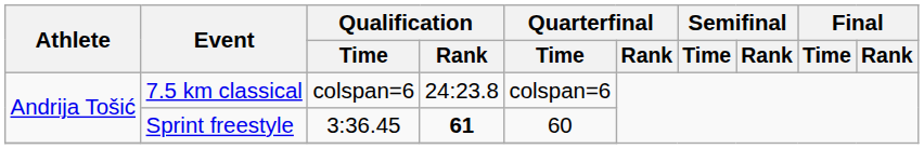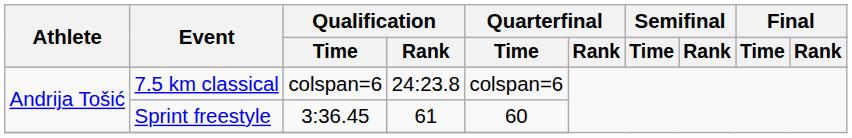 <table class="wikitable" style="font-size:90%">
 <tr>
 <th rowspan="2">Athlete</th>
 <th rowspan="2">Event</th>
 <th colspan="2">Qualification</th>
 <th colspan="2">Quarterfinal</th>
 <th colspan="2">Semifinal</th>
 <th colspan="2">Final</th>
 </tr>
 <tr style="font-size:95%">
 <th>Time</th>
 <th>Rank</th>
 <th>Time</th>
 <th>Rank</th>
 <th>Time</th>
 <th>Rank</th>
 <th>Time</th>
 <th>Rank</th>
 </tr>
 <tr align=center>
 <td align=left rowspan=2><a href='#'>Andrija Tošić</a></td>
 <td align=left><a href='#'>7.5 km classical</a></td>
 <td>colspan=6</td>
 <td>24:23.8</td>
 <td>colspan=6 </td>
 </tr>
 <tr align=center>
 <td align=left><a href='#'>Sprint freestyle</a></td>
 <td>3:36.45</td>
-<td><strong>61</strong></td>
+<td>61</td>
 <td>60</td>
 </tr>
 <tr>
 </tr>
 </table>
